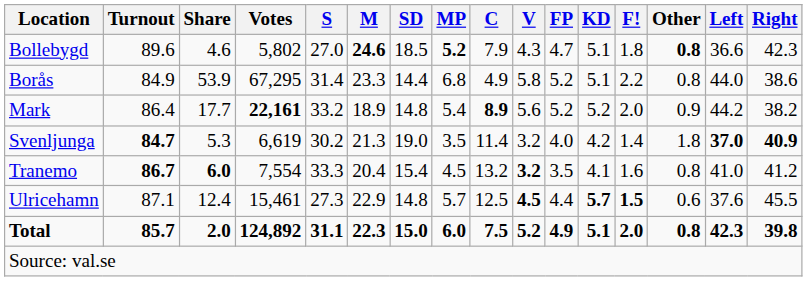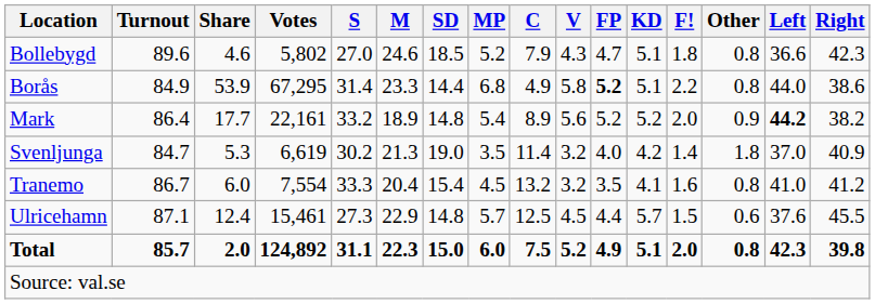 <table class="wikitable sortable" style=text-align:right>
 <tr>
 <th>Location</th>
 <th>Turnout</th>
 <th>Share</th>
 <th>Votes</th>
 <th><a href='#'>S</a></th>
 <th><a href='#'>M</a></th>
 <th><a href='#'>SD</a></th>
 <th><a href='#'>MP</a></th>
 <th><a href='#'>C</a></th>
 <th><a href='#'>V</a></th>
 <th><a href='#'>FP</a></th>
 <th><a href='#'>KD</a></th>
 <th><a href='#'>F!</a></th>
 <th>Other</th>
 <th><a href='#'>Left</a></th>
 <th><a href='#'>Right</a></th>
 </tr>
 <tr>
 <td align=left><a href='#'>Bollebygd</a></td>
 <td>89.6</td>
 <td>4.6</td>
 <td>5,802</td>
 <td>27.0</td>
-<td><strong>24.6</strong></td>
+<td>24.6</td>
 <td>18.5</td>
-<td><strong>5.2</strong></td>
+<td>5.2</td>
 <td>7.9</td>
 <td>4.3</td>
 <td>4.7</td>
 <td>5.1</td>
 <td>1.8</td>
-<td><strong>0.8</strong></td>
+<td>0.8</td>
 <td>36.6</td>
 <td>42.3</td>
 </tr>
 <tr>
 <td align=left><a href='#'>Borås</a></td>
 <td>84.9</td>
 <td>53.9</td>
 <td>67,295</td>
 <td>31.4</td>
 <td>23.3</td>
 <td>14.4</td>
 <td>6.8</td>
 <td>4.9</td>
 <td>5.8</td>
-<td>5.2</td>
+<td><strong>5.2</strong></td>
 <td>5.1</td>
 <td>2.2</td>
 <td>0.8</td>
 <td>44.0</td>
 <td>38.6</td>
 </tr>
 <tr>
 <td align=left><a href='#'>Mark</a></td>
 <td>86.4</td>
 <td>17.7</td>
-<td><strong>22,161</strong></td>
+<td>22,161</td>
 <td>33.2</td>
 <td>18.9</td>
 <td>14.8</td>
 <td>5.4</td>
-<td><strong>8.9</strong></td>
+<td>8.9</td>
 <td>5.6</td>
 <td>5.2</td>
 <td>5.2</td>
 <td>2.0</td>
 <td>0.9</td>
-<td>44.2</td>
+<td><strong>44.2</strong></td>
 <td>38.2</td>
 </tr>
 <tr>
 <td align=left><a href='#'>Svenljunga</a></td>
-<td><strong>84.7</strong></td>
+<td>84.7</td>
 <td>5.3</td>
 <td>6,619</td>
 <td>30.2</td>
 <td>21.3</td>
 <td>19.0</td>
 <td>3.5</td>
 <td>11.4</td>
 <td>3.2</td>
 <td>4.0</td>
 <td>4.2</td>
 <td>1.4</td>
 <td>1.8</td>
-<td><strong>37.0</strong></td>
-<td><strong>40.9</strong></td>
+<td>37.0</td>
+<td>40.9</td>
 </tr>
 <tr>
 <td align=left><a href='#'>Tranemo</a></td>
-<td><strong>86.7</strong></td>
-<td><strong>6.0</strong></td>
+<td>86.7</td>
+<td>6.0</td>
 <td>7,554</td>
 <td>33.3</td>
 <td>20.4</td>
 <td>15.4</td>
 <td>4.5</td>
 <td>13.2</td>
-<td><strong>3.2</strong></td>
+<td>3.2</td>
 <td>3.5</td>
 <td>4.1</td>
 <td>1.6</td>
 <td>0.8</td>
 <td>41.0</td>
 <td>41.2</td>
 </tr>
 <tr>
 <td align=left><a href='#'>Ulricehamn</a></td>
 <td>87.1</td>
 <td>12.4</td>
 <td>15,461</td>
 <td>27.3</td>
 <td>22.9</td>
 <td>14.8</td>
 <td>5.7</td>
 <td>12.5</td>
-<td><strong>4.5</strong></td>
+<td>4.5</td>
 <td>4.4</td>
-<td><strong>5.7</strong></td>
-<td><strong>1.5</strong></td>
+<td>5.7</td>
+<td>1.5</td>
 <td>0.6</td>
 <td>37.6</td>
 <td>45.5</td>
 </tr>
 <tr>
 <td align=left><strong>Total</strong></td>
 <td><strong>85.7</strong></td>
 <td><strong>2.0</strong></td>
 <td><strong>124,892</strong></td>
 <td><strong>31.1</strong></td>
 <td><strong>22.3</strong></td>
 <td><strong>15.0</strong></td>
 <td><strong>6.0</strong></td>
 <td><strong>7.5</strong></td>
 <td><strong>5.2</strong></td>
 <td><strong>4.9</strong></td>
 <td><strong>5.1</strong></td>
 <td><strong>2.0</strong></td>
 <td><strong>0.8</strong></td>
 <td><strong>42.3</strong></td>
 <td><strong>39.8</strong></td>
 </tr>
 <tr>
 <td align=left colspan=16>Source: val.se </td>
 </tr>
 </table>
